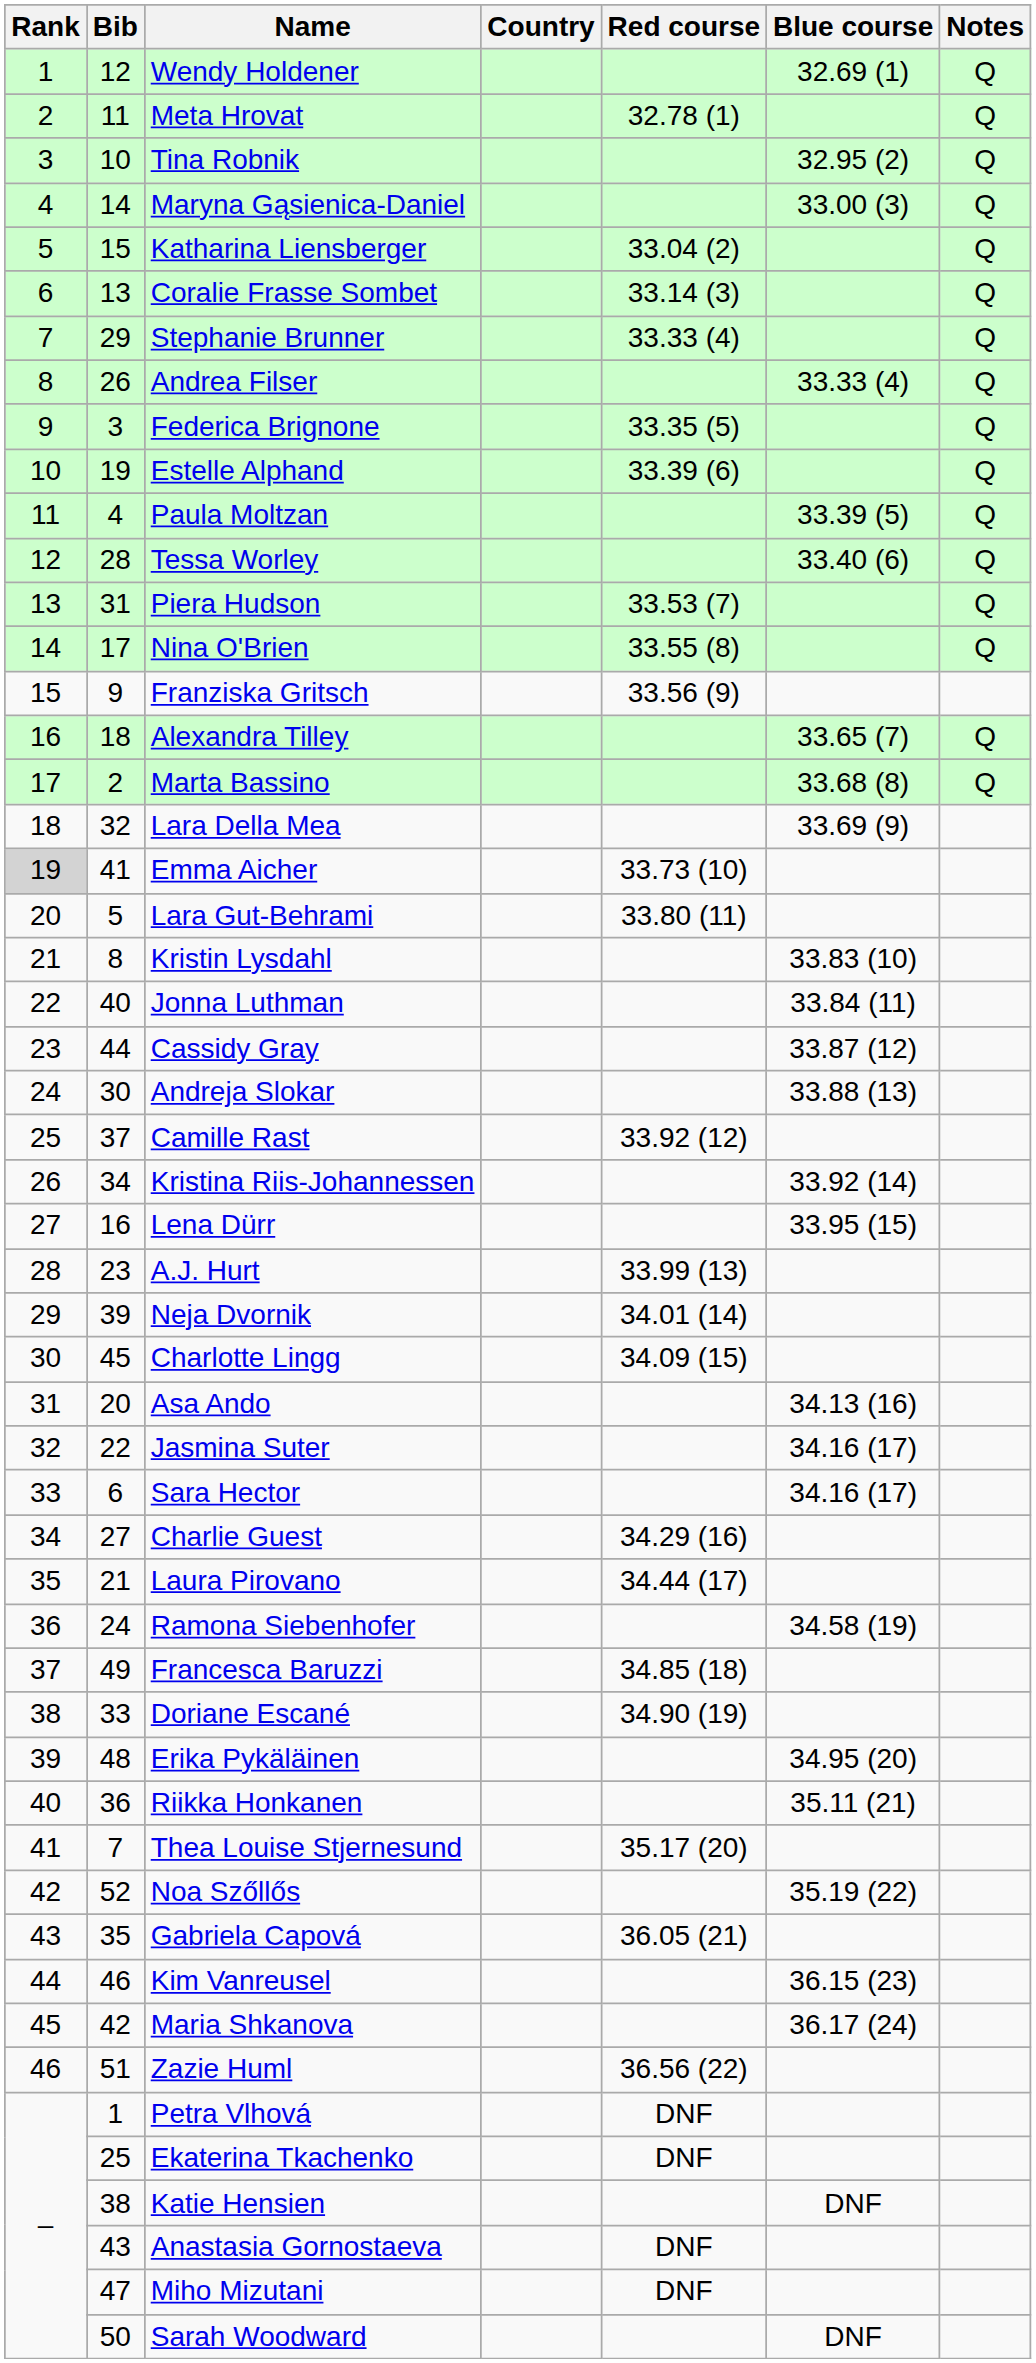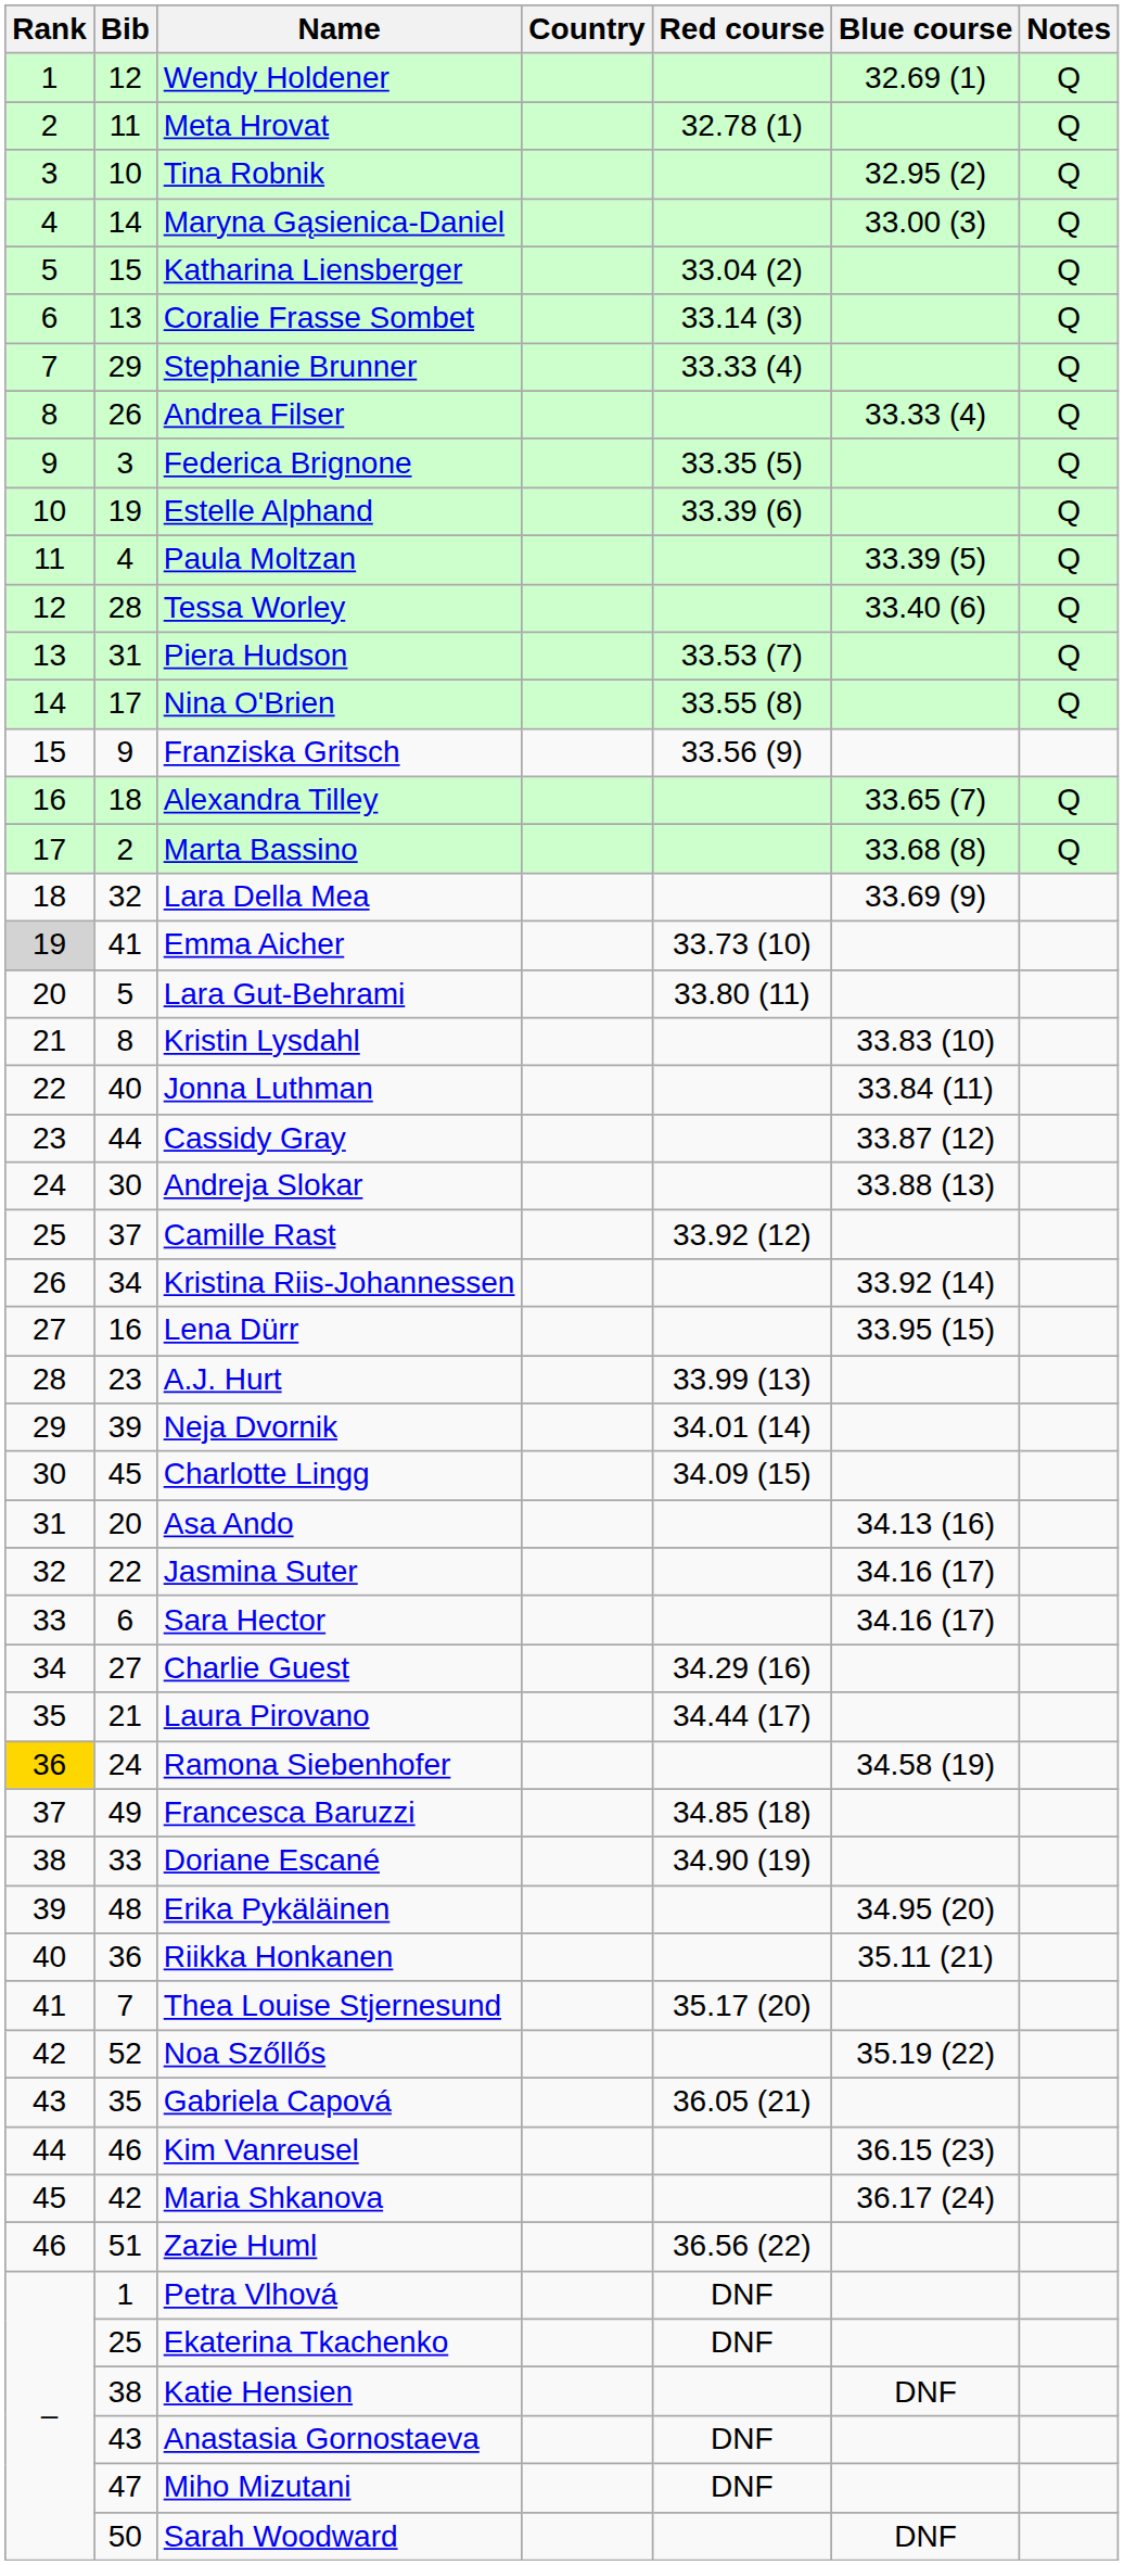 <table class="wikitable sortable" style="text-align:center">
 <tr>
 <th>Rank</th>
 <th>Bib</th>
 <th>Name</th>
 <th>Country</th>
 <th>Red course</th>
 <th>Blue course</th>
 <th>Notes</th>
 </tr>
 <tr bgcolor=ccffcc>
 <td>1</td>
 <td>12</td>
 <td align=left><a href='#'>Wendy Holdener</a></td>
 <td align=left> </td>
 <td></td>
 <td>32.69 (1)</td>
 <td>Q</td>
 </tr>
 <tr bgcolor=ccffcc>
 <td>2</td>
 <td>11</td>
 <td align=left><a href='#'>Meta Hrovat</a></td>
 <td align=left></td>
 <td>32.78 (1)</td>
 <td></td>
 <td>Q</td>
 </tr>
 <tr bgcolor=ccffcc>
 <td>3</td>
 <td>10</td>
 <td align=left><a href='#'>Tina Robnik</a></td>
 <td align=left></td>
 <td></td>
 <td>32.95 (2)</td>
 <td>Q</td>
 </tr>
 <tr bgcolor=ccffcc>
 <td>4</td>
 <td>14</td>
 <td align=left><a href='#'>Maryna Gąsienica-Daniel</a></td>
 <td align=left></td>
 <td></td>
 <td>33.00 (3)</td>
 <td>Q</td>
 </tr>
 <tr bgcolor=ccffcc>
 <td>5</td>
 <td>15</td>
 <td align=left><a href='#'>Katharina Liensberger</a></td>
 <td align=left></td>
 <td>33.04 (2)</td>
 <td></td>
 <td>Q</td>
 </tr>
 <tr bgcolor=ccffcc>
 <td>6</td>
 <td>13</td>
 <td align=left><a href='#'>Coralie Frasse Sombet</a></td>
 <td align=left></td>
 <td>33.14 (3)</td>
 <td></td>
 <td>Q</td>
 </tr>
 <tr bgcolor=ccffcc>
 <td>7</td>
 <td>29</td>
 <td align=left><a href='#'>Stephanie Brunner</a></td>
 <td align=left></td>
 <td>33.33 (4)</td>
 <td></td>
 <td>Q</td>
 </tr>
 <tr bgcolor=ccffcc>
 <td>8</td>
 <td>26</td>
 <td align=left><a href='#'>Andrea Filser</a></td>
 <td align=left></td>
 <td></td>
 <td>33.33 (4)</td>
 <td>Q</td>
 </tr>
 <tr bgcolor=ccffcc>
 <td>9</td>
 <td>3</td>
 <td align=left><a href='#'>Federica Brignone</a></td>
 <td align=left></td>
 <td>33.35 (5)</td>
 <td></td>
 <td>Q</td>
 </tr>
 <tr bgcolor=ccffcc>
 <td>10</td>
 <td>19</td>
 <td align=left><a href='#'>Estelle Alphand</a></td>
 <td align=left></td>
 <td>33.39 (6)</td>
 <td></td>
 <td>Q</td>
 </tr>
 <tr bgcolor=ccffcc>
 <td>11</td>
 <td>4</td>
 <td align=left><a href='#'>Paula Moltzan</a></td>
 <td align=left></td>
 <td></td>
 <td>33.39 (5)</td>
 <td>Q</td>
 </tr>
 <tr bgcolor=ccffcc>
 <td>12</td>
 <td>28</td>
 <td align=left><a href='#'>Tessa Worley</a></td>
 <td align=left></td>
 <td></td>
 <td>33.40 (6)</td>
 <td>Q</td>
 </tr>
 <tr bgcolor=ccffcc>
 <td>13</td>
 <td>31</td>
 <td align=left><a href='#'>Piera Hudson</a></td>
 <td align=left></td>
 <td>33.53 (7)</td>
 <td></td>
 <td>Q</td>
 </tr>
 <tr bgcolor=ccffcc>
 <td>14</td>
 <td>17</td>
 <td align=left><a href='#'>Nina O'Brien</a></td>
 <td align=left></td>
 <td>33.55 (8)</td>
 <td></td>
 <td>Q</td>
 </tr>
 <tr>
 <td>15</td>
 <td>9</td>
 <td align=left><a href='#'>Franziska Gritsch</a></td>
 <td align=left></td>
 <td>33.56 (9)</td>
 <td></td>
 <td></td>
 </tr>
 <tr bgcolor=ccffcc>
 <td>16</td>
 <td>18</td>
 <td align=left><a href='#'>Alexandra Tilley</a></td>
 <td align=left></td>
 <td></td>
 <td>33.65 (7)</td>
 <td>Q</td>
 </tr>
 <tr bgcolor=ccffcc>
 <td>17</td>
 <td>2</td>
 <td align=left><a href='#'>Marta Bassino</a></td>
 <td align=left></td>
 <td></td>
 <td>33.68 (8)</td>
 <td>Q</td>
 </tr>
 <tr>
 <td>18</td>
 <td>32</td>
 <td align=left><a href='#'>Lara Della Mea</a></td>
 <td align=left></td>
 <td></td>
 <td>33.69 (9)</td>
 <td></td>
 </tr>
 <tr>
 <td style="background: lightgrey;">19</td>
 <td>41</td>
 <td align=left><a href='#'>Emma Aicher</a></td>
 <td align=left></td>
 <td>33.73 (10)</td>
 <td></td>
 <td></td>
 </tr>
 <tr>
 <td>20</td>
 <td>5</td>
 <td align=left><a href='#'>Lara Gut-Behrami</a></td>
 <td align=left> </td>
 <td>33.80 (11)</td>
 <td></td>
 <td></td>
 </tr>
 <tr>
 <td>21</td>
 <td>8</td>
 <td align=left><a href='#'>Kristin Lysdahl</a></td>
 <td align=left></td>
 <td></td>
 <td>33.83 (10)</td>
 <td></td>
 </tr>
 <tr>
 <td>22</td>
 <td>40</td>
 <td align=left><a href='#'>Jonna Luthman</a></td>
 <td align=left></td>
 <td></td>
 <td>33.84 (11)</td>
 <td></td>
 </tr>
 <tr>
 <td>23</td>
 <td>44</td>
 <td align=left><a href='#'>Cassidy Gray</a></td>
 <td align=left></td>
 <td></td>
 <td>33.87 (12)</td>
 <td></td>
 </tr>
 <tr>
 <td>24</td>
 <td>30</td>
 <td align=left><a href='#'>Andreja Slokar</a></td>
 <td align=left></td>
 <td></td>
 <td>33.88 (13)</td>
 <td></td>
 </tr>
 <tr>
 <td>25</td>
 <td>37</td>
 <td align=left><a href='#'>Camille Rast</a></td>
 <td align=left> </td>
 <td>33.92 (12)</td>
 <td></td>
 <td></td>
 </tr>
 <tr>
 <td>26</td>
 <td>34</td>
 <td align=left><a href='#'>Kristina Riis-Johannessen</a></td>
 <td align=left></td>
 <td></td>
 <td>33.92 (14)</td>
 <td></td>
 </tr>
 <tr>
 <td>27</td>
 <td>16</td>
 <td align=left><a href='#'>Lena Dürr</a></td>
 <td align=left></td>
 <td></td>
 <td>33.95 (15)</td>
 <td></td>
 </tr>
 <tr>
 <td>28</td>
 <td>23</td>
 <td align=left><a href='#'>A.J. Hurt</a></td>
 <td align=left></td>
 <td>33.99 (13)</td>
 <td></td>
 <td></td>
 </tr>
 <tr>
 <td>29</td>
 <td>39</td>
 <td align=left><a href='#'>Neja Dvornik</a></td>
 <td align=left></td>
 <td>34.01 (14)</td>
 <td></td>
 <td></td>
 </tr>
 <tr>
 <td>30</td>
 <td>45</td>
 <td align=left><a href='#'>Charlotte Lingg</a></td>
 <td align=left></td>
 <td>34.09 (15)</td>
 <td></td>
 <td></td>
 </tr>
 <tr>
 <td>31</td>
 <td>20</td>
 <td align=left><a href='#'>Asa Ando</a></td>
 <td align=left></td>
 <td></td>
 <td>34.13 (16)</td>
 <td></td>
 </tr>
 <tr>
 <td>32</td>
 <td>22</td>
 <td align=left><a href='#'>Jasmina Suter</a></td>
 <td align=left> </td>
 <td></td>
 <td>34.16 (17)</td>
 <td></td>
 </tr>
 <tr>
 <td>33</td>
 <td>6</td>
 <td align=left><a href='#'>Sara Hector</a></td>
 <td align=left></td>
 <td></td>
 <td>34.16 (17)</td>
 <td></td>
 </tr>
 <tr>
 <td>34</td>
 <td>27</td>
 <td align=left><a href='#'>Charlie Guest</a></td>
 <td align=left></td>
 <td>34.29 (16)</td>
 <td></td>
 <td></td>
 </tr>
 <tr>
 <td>35</td>
 <td>21</td>
 <td align=left><a href='#'>Laura Pirovano</a></td>
 <td align=left></td>
 <td>34.44 (17)</td>
 <td></td>
 <td></td>
 </tr>
 <tr>
-<td>36</td>
+<td style="background: gold;">36</td>
 <td>24</td>
 <td align=left><a href='#'>Ramona Siebenhofer</a></td>
 <td align=left></td>
 <td></td>
 <td>34.58 (19)</td>
 <td></td>
 </tr>
 <tr>
 <td>37</td>
 <td>49</td>
 <td align=left><a href='#'>Francesca Baruzzi</a></td>
 <td align=left></td>
 <td>34.85 (18)</td>
 <td></td>
 <td></td>
 </tr>
 <tr>
 <td>38</td>
 <td>33</td>
 <td align=left><a href='#'>Doriane Escané</a></td>
 <td align=left></td>
 <td>34.90 (19)</td>
 <td></td>
 <td></td>
 </tr>
 <tr>
 <td>39</td>
 <td>48</td>
 <td align=left><a href='#'>Erika Pykäläinen</a></td>
 <td align=left></td>
 <td></td>
 <td>34.95 (20)</td>
 <td></td>
 </tr>
 <tr>
 <td>40</td>
 <td>36</td>
 <td align=left><a href='#'>Riikka Honkanen</a></td>
 <td align=left></td>
 <td></td>
 <td>35.11 (21)</td>
 <td></td>
 </tr>
 <tr>
 <td>41</td>
 <td>7</td>
 <td align=left><a href='#'>Thea Louise Stjernesund</a></td>
 <td align=left></td>
 <td>35.17 (20)</td>
 <td></td>
 <td></td>
 </tr>
 <tr>
 <td>42</td>
 <td>52</td>
 <td align=left><a href='#'>Noa Szőllős</a></td>
 <td align=left></td>
 <td></td>
 <td>35.19 (22)</td>
 <td></td>
 </tr>
 <tr>
 <td>43</td>
 <td>35</td>
 <td align=left><a href='#'>Gabriela Capová</a></td>
 <td align=left></td>
 <td>36.05 (21)</td>
 <td></td>
 <td></td>
 </tr>
 <tr>
 <td>44</td>
 <td>46</td>
 <td align=left><a href='#'>Kim Vanreusel</a></td>
 <td align=left></td>
 <td></td>
 <td>36.15 (23)</td>
 <td></td>
 </tr>
 <tr>
 <td>45</td>
 <td>42</td>
 <td align=left><a href='#'>Maria Shkanova</a></td>
 <td align=left></td>
 <td></td>
 <td>36.17 (24)</td>
 <td></td>
 </tr>
 <tr>
 <td>46</td>
 <td>51</td>
 <td align=left><a href='#'>Zazie Huml</a></td>
 <td align=left></td>
 <td>36.56 (22)</td>
 <td></td>
 <td></td>
 </tr>
 <tr>
 <td rowspan=6>–</td>
 <td>1</td>
 <td align=left><a href='#'>Petra Vlhová</a></td>
 <td align=left></td>
 <td>DNF</td>
 <td></td>
 <td></td>
 </tr>
 <tr>
 <td>25</td>
 <td align=left><a href='#'>Ekaterina Tkachenko</a></td>
 <td align=left></td>
 <td>DNF</td>
 <td></td>
 <td></td>
 </tr>
 <tr>
 <td>38</td>
 <td align=left><a href='#'>Katie Hensien</a></td>
 <td align=left></td>
 <td></td>
 <td>DNF</td>
 <td></td>
 </tr>
 <tr>
 <td>43</td>
 <td align=left><a href='#'>Anastasia Gornostaeva</a></td>
 <td align=left></td>
 <td>DNF</td>
 <td></td>
 <td></td>
 </tr>
 <tr>
 <td>47</td>
 <td align=left><a href='#'>Miho Mizutani</a></td>
 <td align=left></td>
 <td>DNF</td>
 <td></td>
 <td></td>
 </tr>
 <tr>
 <td>50</td>
 <td align=left><a href='#'>Sarah Woodward</a></td>
 <td align=left></td>
 <td></td>
 <td>DNF</td>
 <td></td>
 </tr>
 </table>
